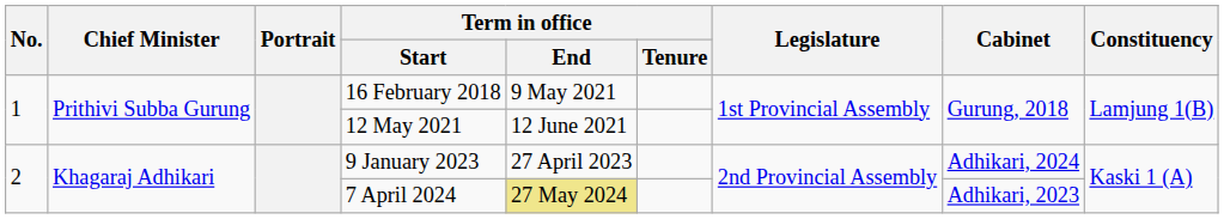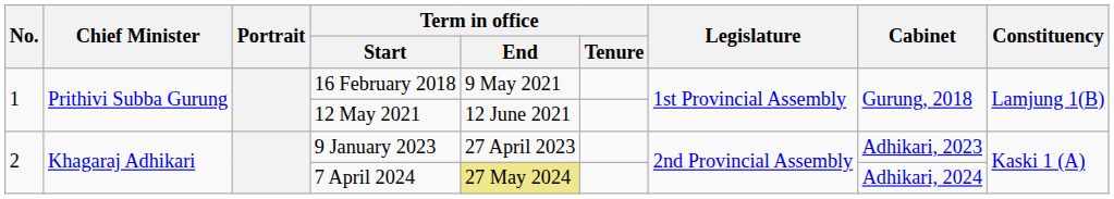 <table class="wikitable">
 <tr>
 <th rowspan="2" style="background-color:">No.</th>
 <th rowspan="2" style="background-color:">Chief Minister</th>
 <th rowspan="2" style="background-color:">Portrait</th>
 <th colspan="3" style="background-color:">Term in office</th>
 <th rowspan="2" style="background-color:">Legislature</th>
 <th rowspan="2" style="background-color:">Cabinet</th>
 <th rowspan="2" style="background-color:">Constituency</th>
 </tr>
 <tr>
 <th style="background-color:">Start</th>
 <th style="background-color:">End</th>
 <th style="background-color:">Tenure</th>
 </tr>
 <tr>
 <td rowspan="2">1</td>
 <td rowspan="2"><a href='#'>Prithivi Subba Gurung</a></td>
 <th rowspan="2"></th>
 <td>16 February 2018</td>
 <td>9 May 2021</td>
 <td></td>
 <td rowspan="2"><a href='#'>1st Provincial Assembly</a></td>
 <td rowspan="2"><a href='#'>Gurung, 2018</a></td>
 <td rowspan="2"><a href='#'>Lamjung 1(B)</a></td>
 </tr>
 <tr>
 <td>12 May 2021</td>
 <td>12 June 2021</td>
 <td></td>
 </tr>
 <tr>
 <td rowspan="2">2</td>
 <td rowspan="2"><a href='#'>Khagaraj Adhikari</a></td>
 <th rowspan="2"></th>
 <td>9 January 2023</td>
 <td>27 April 2023</td>
 <td></td>
 <td rowspan="2"><a href='#'>2nd Provincial Assembly</a></td>
-<td><a href='#'>Adhikari, 2024</a></td>
+<td><a href='#'>Adhikari, 2023</a></td>
 <td rowspan="2"><a href='#'>Kaski 1 (A)</a></td>
 </tr>
 <tr>
 <td>7 April 2024</td>
 <td style="background: khaki;">27 May 2024</td>
 <td></td>
-<td><a href='#'>Adhikari, 2023</a></td>
+<td><a href='#'>Adhikari, 2024</a></td>
 </tr>
 </table>
